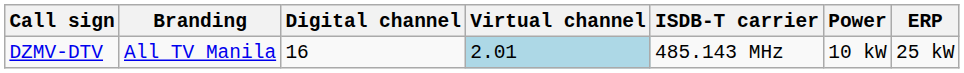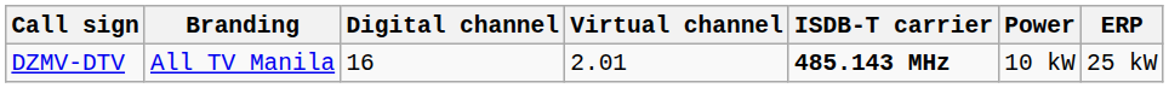 <table class="wikitable sortable">
 <tr>
 <th>Call sign</th>
 <th>Branding</th>
 <th>Digital channel</th>
 <th>Virtual channel</th>
 <th>ISDB-T carrier</th>
 <th>Power</th>
 <th>ERP</th>
 </tr>
 <tr>
 <td><a href='#'>DZMV-DTV</a></td>
 <td><a href='#'>All TV Manila</a></td>
 <td rowspan="1">16</td>
-<td style="background: lightblue;">2.01</td>
-<td rowspan="1">485.143 MHz</td>
+<td>2.01</td>
+<td rowspan="1"><strong>485.143 MHz</strong></td>
 <td rowspan="2">10 kW</td>
 <td rowspan="2">25 kW</td>
 </tr>
 </table>
